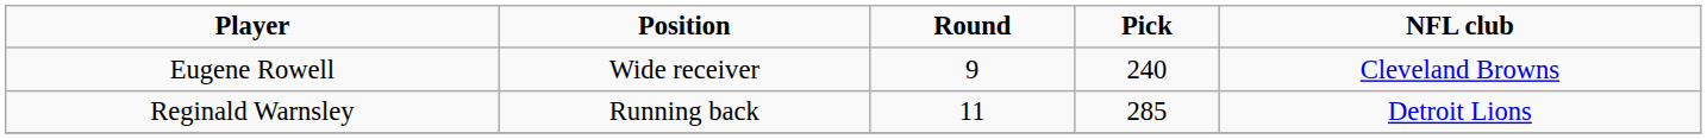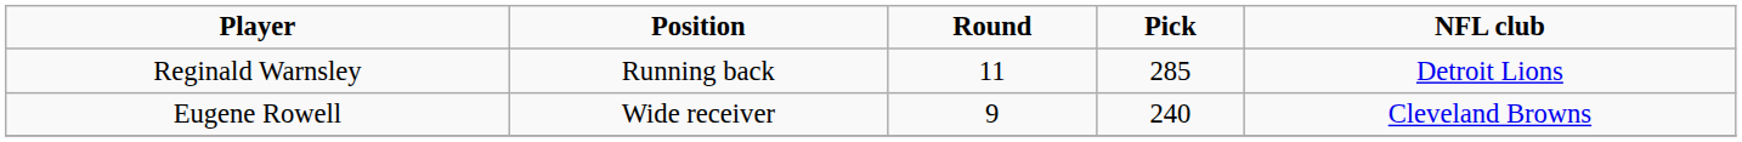 <table class="wikitable" width="80%">
 <tr align="center">
 <td><strong>Player</strong></td>
 <td><strong>Position</strong></td>
 <td><strong>Round</strong></td>
 <td><strong>Pick</strong></td>
 <td><strong>NFL club</strong></td>
 </tr>
 <tr align="center" bgcolor="">
+<td>Reginald Warnsley</td>
+<td>Running back</td>
+<td>11</td>
+<td>285</td>
+<td><a href='#'>Detroit Lions</a></td>
+</tr>
+<tr align="center" bgcolor="">
 <td>Eugene Rowell</td>
 <td>Wide receiver</td>
 <td>9</td>
 <td>240</td>
 <td><a href='#'>Cleveland Browns</a></td>
 </tr>
 <tr align="center" bgcolor="">
-<td>Reginald Warnsley</td>
-<td>Running back</td>
-<td>11</td>
-<td>285</td>
-<td><a href='#'>Detroit Lions</a></td>
-</tr>
-<tr align="center" bgcolor="">
 </tr>
 </table>
